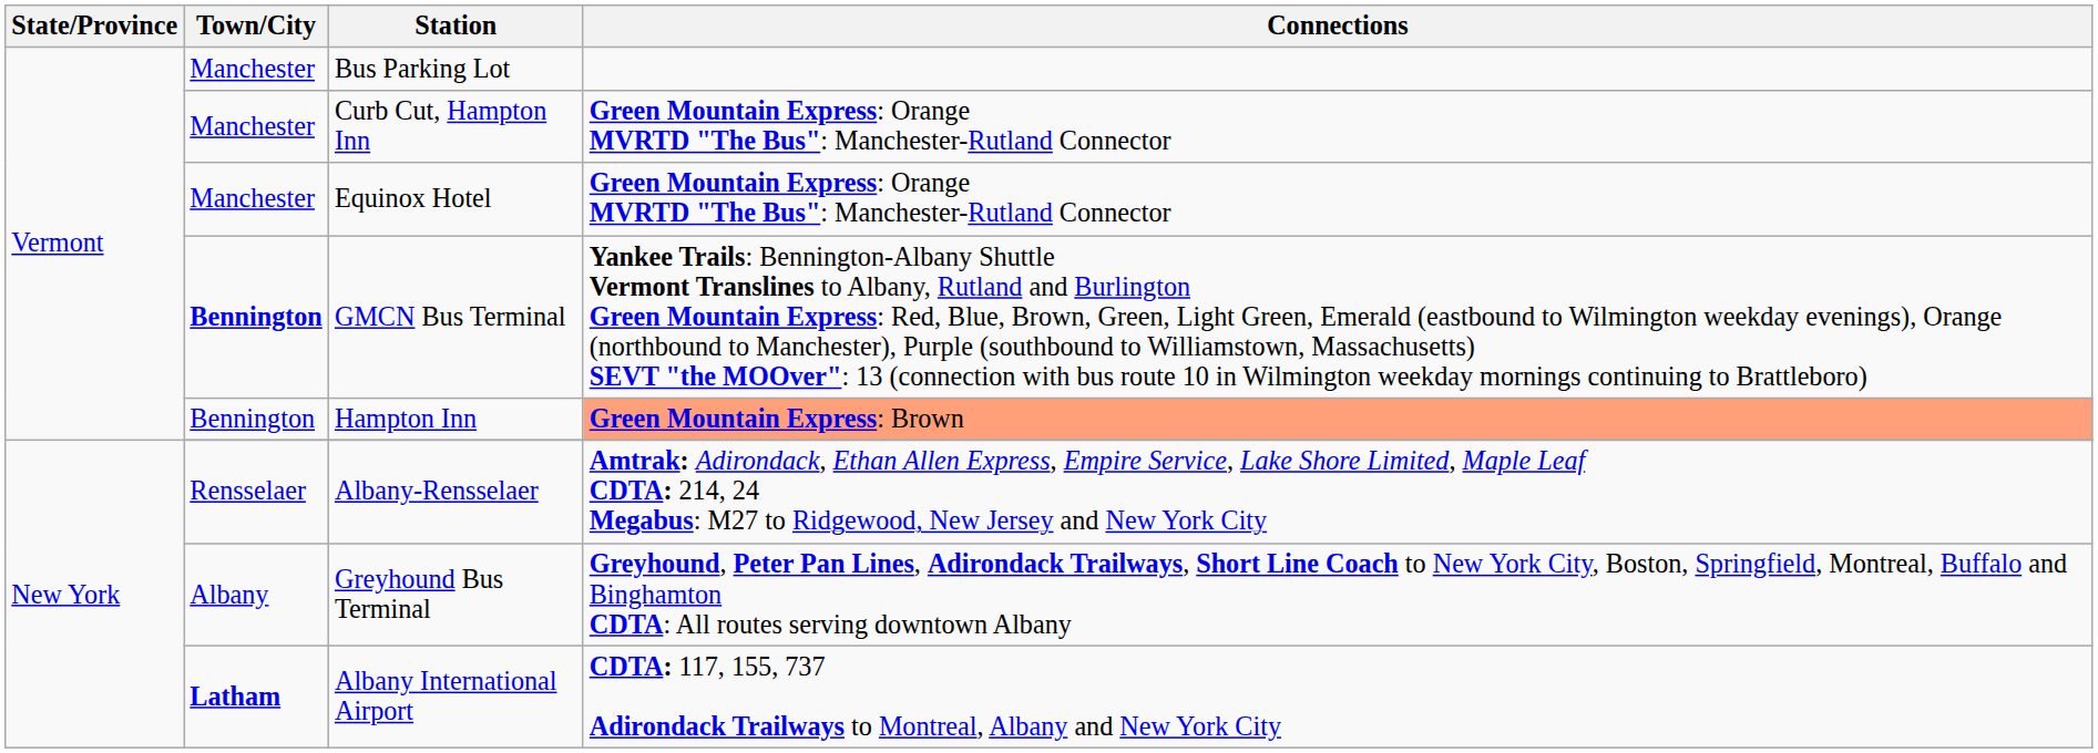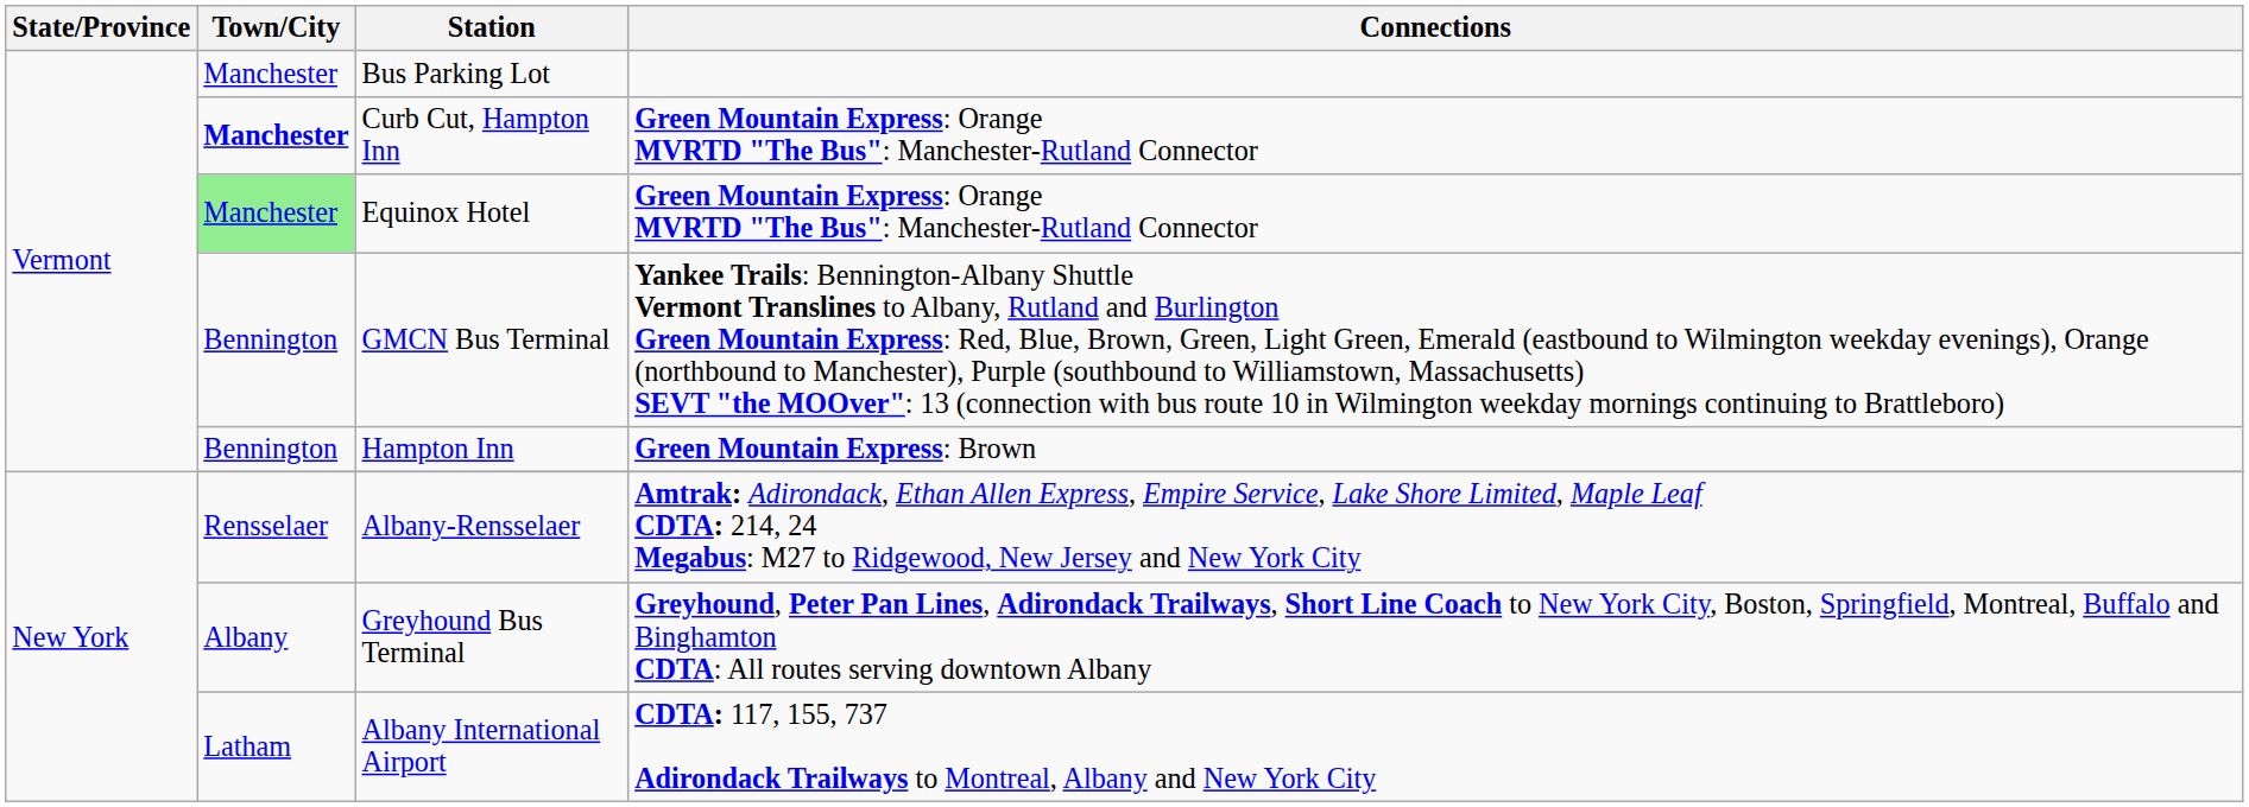 <table class="wikitable">
 <tr>
 <th>State/Province</th>
 <th>Town/City</th>
 <th>Station</th>
 <th>Connections</th>
 </tr>
 <tr>
 <td rowspan=5><a href='#'>Vermont</a></td>
 <td><a href='#'>Manchester</a></td>
 <td>Bus Parking Lot</td>
 <td></td>
 </tr>
 <tr>
-<td><a href='#'>Manchester</a></td>
+<td><strong><a href='#'>Manchester</a></strong></td>
 <td>Curb Cut, <a href='#'>Hampton Inn</a></td>
 <td><strong><a href='#'>Green Mountain Express</a></strong>: Orange<br> <strong><a href='#'>MVRTD "The Bus"</a></strong>: Manchester-<a href='#'>Rutland</a> Connector</td>
 </tr>
 <tr>
-<td><a href='#'>Manchester</a></td>
+<td style="background: lightgreen;"><a href='#'>Manchester</a></td>
 <td>Equinox Hotel</td>
 <td><strong><a href='#'>Green Mountain Express</a></strong>: Orange<br> <strong><a href='#'>MVRTD "The Bus"</a></strong>: Manchester-<a href='#'>Rutland</a> Connector</td>
 </tr>
 <tr>
-<td><strong><a href='#'>Bennington</a></strong></td>
+<td><a href='#'>Bennington</a></td>
 <td><a href='#'>GMCN</a> Bus Terminal</td>
 <td><strong>Yankee Trails</strong>: Bennington-Albany Shuttle<br> <strong>Vermont Translines</strong> to Albany, <a href='#'>Rutland</a> and <a href='#'>Burlington</a><br> <strong><a href='#'>Green Mountain Express</a></strong>: Red, Blue, Brown, Green, Light Green, Emerald (eastbound to Wilmington weekday evenings), Orange (northbound to Manchester), Purple (southbound to Williamstown, Massachusetts)<br> <strong><a href='#'>SEVT "the MOOver"</a></strong>: 13 (connection with bus route 10 in Wilmington weekday mornings continuing to Brattleboro)</td>
 </tr>
 <tr>
 <td><a href='#'>Bennington</a></td>
 <td><a href='#'>Hampton Inn</a></td>
-<td style="background: lightsalmon;"><strong><a href='#'>Green Mountain Express</a></strong>: Brown</td>
+<td><strong><a href='#'>Green Mountain Express</a></strong>: Brown</td>
 </tr>
 <tr>
 <td rowspan=4><a href='#'>New York</a></td>
 </tr>
 <tr>
 <td><a href='#'>Rensselaer</a></td>
 <td><a href='#'>Albany-Rensselaer</a></td>
 <td><strong><a href='#'>Amtrak</a>:</strong> <em><a href='#'>Adirondack</a></em>, <em><a href='#'>Ethan Allen Express</a></em>, <em><a href='#'>Empire Service</a></em>, <em><a href='#'>Lake Shore Limited</a></em>, <em><a href='#'>Maple Leaf</a></em><br><strong><a href='#'>CDTA</a>:</strong> 214, 24 <br><strong><a href='#'>Megabus</a></strong>: M27 to <a href='#'>Ridgewood, New Jersey</a> and <a href='#'>New York City</a></td>
 </tr>
 <tr>
 <td><a href='#'>Albany</a></td>
 <td><a href='#'>Greyhound</a> Bus Terminal</td>
 <td><strong><a href='#'>Greyhound</a></strong>, <strong><a href='#'>Peter Pan Lines</a></strong>, <strong><a href='#'>Adirondack Trailways</a></strong>, <strong><a href='#'>Short Line Coach</a></strong> to <a href='#'>New York City</a>, Boston, <a href='#'>Springfield</a>, Montreal, <a href='#'>Buffalo</a> and <a href='#'>Binghamton</a><br> <strong><a href='#'>CDTA</a></strong>: All routes serving downtown Albany</td>
 </tr>
 <tr>
-<td><strong><a href='#'>Latham</a></strong></td>
+<td><a href='#'>Latham</a></td>
 <td><a href='#'>Albany International Airport</a></td>
 <td><strong><a href='#'>CDTA</a>:</strong> 117, 155, 737<br><br><strong><a href='#'>Adirondack Trailways</a></strong> to <a href='#'>Montreal</a>, <a href='#'>Albany</a> and <a href='#'>New York City</a></td>
 </tr>
 </table>
